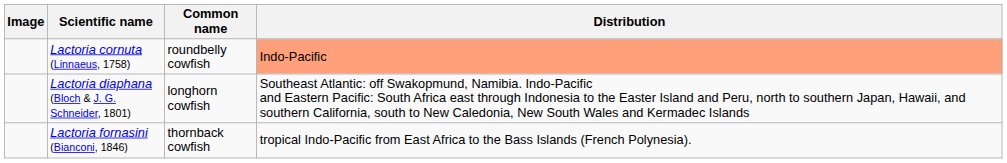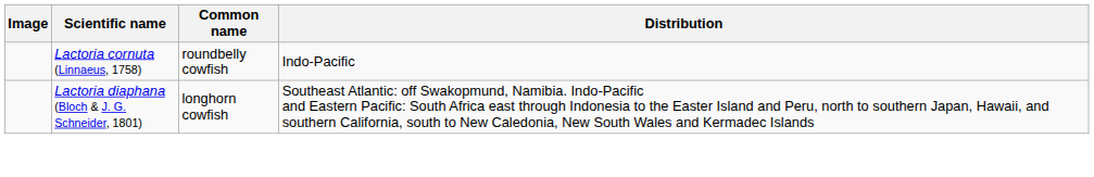 <table class="wikitable">
 <tr>
 <th>Image</th>
 <th>Scientific name</th>
 <th>Common name</th>
 <th>Distribution</th>
 </tr>
 <tr>
 <td></td>
 <td><em><a href='#'>Lactoria cornuta</a></em><br><small>(<a href='#'>Linnaeus</a>, 1758)</small></td>
 <td>roundbelly cowfish</td>
-<td style="background: lightsalmon;">Indo-Pacific</td>
+<td>Indo-Pacific</td>
 </tr>
 <tr>
 <td></td>
 <td><em><a href='#'>Lactoria diaphana</a></em><br><small>(<a href='#'>Bloch</a> & <a href='#'>J. G. Schneider</a>, 1801)</small></td>
 <td>longhorn cowfish</td>
 <td>Southeast Atlantic: off Swakopmund, Namibia. Indo-Pacific<br>and Eastern Pacific: South Africa east through Indonesia to  the Easter Island and Peru, north to southern Japan, Hawaii,  and southern California, south to New Caledonia, New South  Wales and Kermadec Islands</td>
 </tr>
-<tr>
-<td></td>
-<td><em><a href='#'>Lactoria fornasini</a></em><br><small>(<a href='#'>Bianconi</a>, 1846)</small></td>
-<td>thornback cowfish</td>
-<td>tropical Indo-Pacific from East Africa to the Bass Islands (French Polynesia).</td>
-</tr>
 </table>
